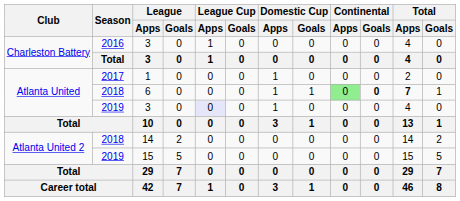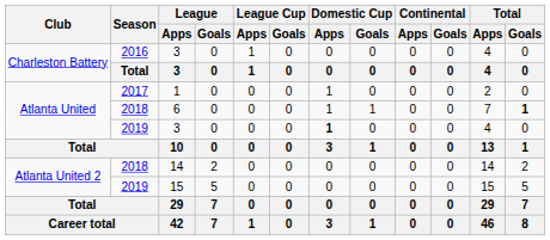 <table class="wikitable" style="text-align: center;">
 <tr>
 <th rowspan="2">Club</th>
 <th rowspan="2">Season</th>
 <th colspan="2">League</th>
 <th colspan="2">League Cup</th>
 <th colspan="2">Domestic Cup</th>
 <th colspan="2">Continental</th>
 <th colspan="2">Total</th>
 </tr>
 <tr>
 <th>Apps</th>
 <th>Goals</th>
 <th>Apps</th>
 <th>Goals</th>
 <th>Apps</th>
 <th>Goals</th>
 <th>Apps</th>
 <th>Goals</th>
 <th>Apps</th>
 <th>Goals</th>
 </tr>
 <tr>
 <td rowspan="2"><a href='#'>Charleston Battery</a></td>
 <td><a href='#'>2016</a></td>
 <td>3</td>
 <td>0</td>
 <td>1</td>
 <td>0</td>
 <td>0</td>
 <td>0</td>
 <td>0</td>
 <td>0</td>
 <td>4</td>
 <td>0</td>
 </tr>
 <tr>
 <th colspan="1">Total</th>
 <th>3</th>
 <th>0</th>
 <th>1</th>
 <th>0</th>
 <th>0</th>
 <th>0</th>
 <th>0</th>
 <th>0</th>
 <th>4</th>
 <th>0</th>
 </tr>
 <tr>
 <td rowspan="3"><a href='#'>Atlanta United</a></td>
 <td><a href='#'>2017</a></td>
 <td>1</td>
 <td>0</td>
 <td>0</td>
 <td>0</td>
 <td>1</td>
 <td>0</td>
 <td>0</td>
 <td>0</td>
 <td>2</td>
 <td>0</td>
 </tr>
 <tr>
 <td><a href='#'>2018</a></td>
 <td>6</td>
 <td>0</td>
 <td>0</td>
 <td>0</td>
 <td>1</td>
 <td>1</td>
-<td style="background: lightgreen;">0</td>
-<td><strong>0</strong></td>
-<td><strong>7</strong></td>
-<td>1</td>
+<td>0</td>
+<td>0</td>
+<td>7</td>
+<td><strong>1</strong></td>
 </tr>
 <tr>
 <td><a href='#'>2019</a></td>
 <td>3</td>
 <td>0</td>
-<td style="background: lavender;">0</td>
 <td>0</td>
-<td>1</td>
+<td>0</td>
+<td><strong>1</strong></td>
 <td>0</td>
 <td>0</td>
 <td>0</td>
 <td>4</td>
 <td>0</td>
 </tr>
 <tr>
 <th colspan="2">Total</th>
 <th>10</th>
 <th>0</th>
 <th>0</th>
 <th>0</th>
 <th>3</th>
 <th>1</th>
 <th>0</th>
 <th>0</th>
 <th>13</th>
 <th>1</th>
 </tr>
 <tr>
 <td rowspan="2"><a href='#'>Atlanta United 2</a></td>
 <td><a href='#'>2018</a></td>
 <td>14</td>
 <td>2</td>
 <td>0</td>
 <td>0</td>
 <td>0</td>
 <td>0</td>
 <td>0</td>
 <td>0</td>
 <td>14</td>
 <td>2</td>
 </tr>
 <tr>
 <td><a href='#'>2019</a></td>
 <td>15</td>
 <td>5</td>
 <td>0</td>
 <td>0</td>
 <td>0</td>
 <td>0</td>
 <td>0</td>
 <td>0</td>
 <td>15</td>
 <td>5</td>
 </tr>
 <tr>
 <th colspan="2">Total</th>
 <th>29</th>
 <th>7</th>
 <th>0</th>
 <th>0</th>
 <th>0</th>
 <th>0</th>
 <th>0</th>
 <th>0</th>
 <th>29</th>
 <th>7</th>
 </tr>
 <tr>
 <th colspan="2">Career total</th>
 <th>42</th>
 <th>7</th>
 <th>1</th>
 <th>0</th>
 <th>3</th>
 <th>1</th>
 <th>0</th>
 <th>0</th>
 <th>46</th>
 <th>8</th>
 </tr>
 </table>
